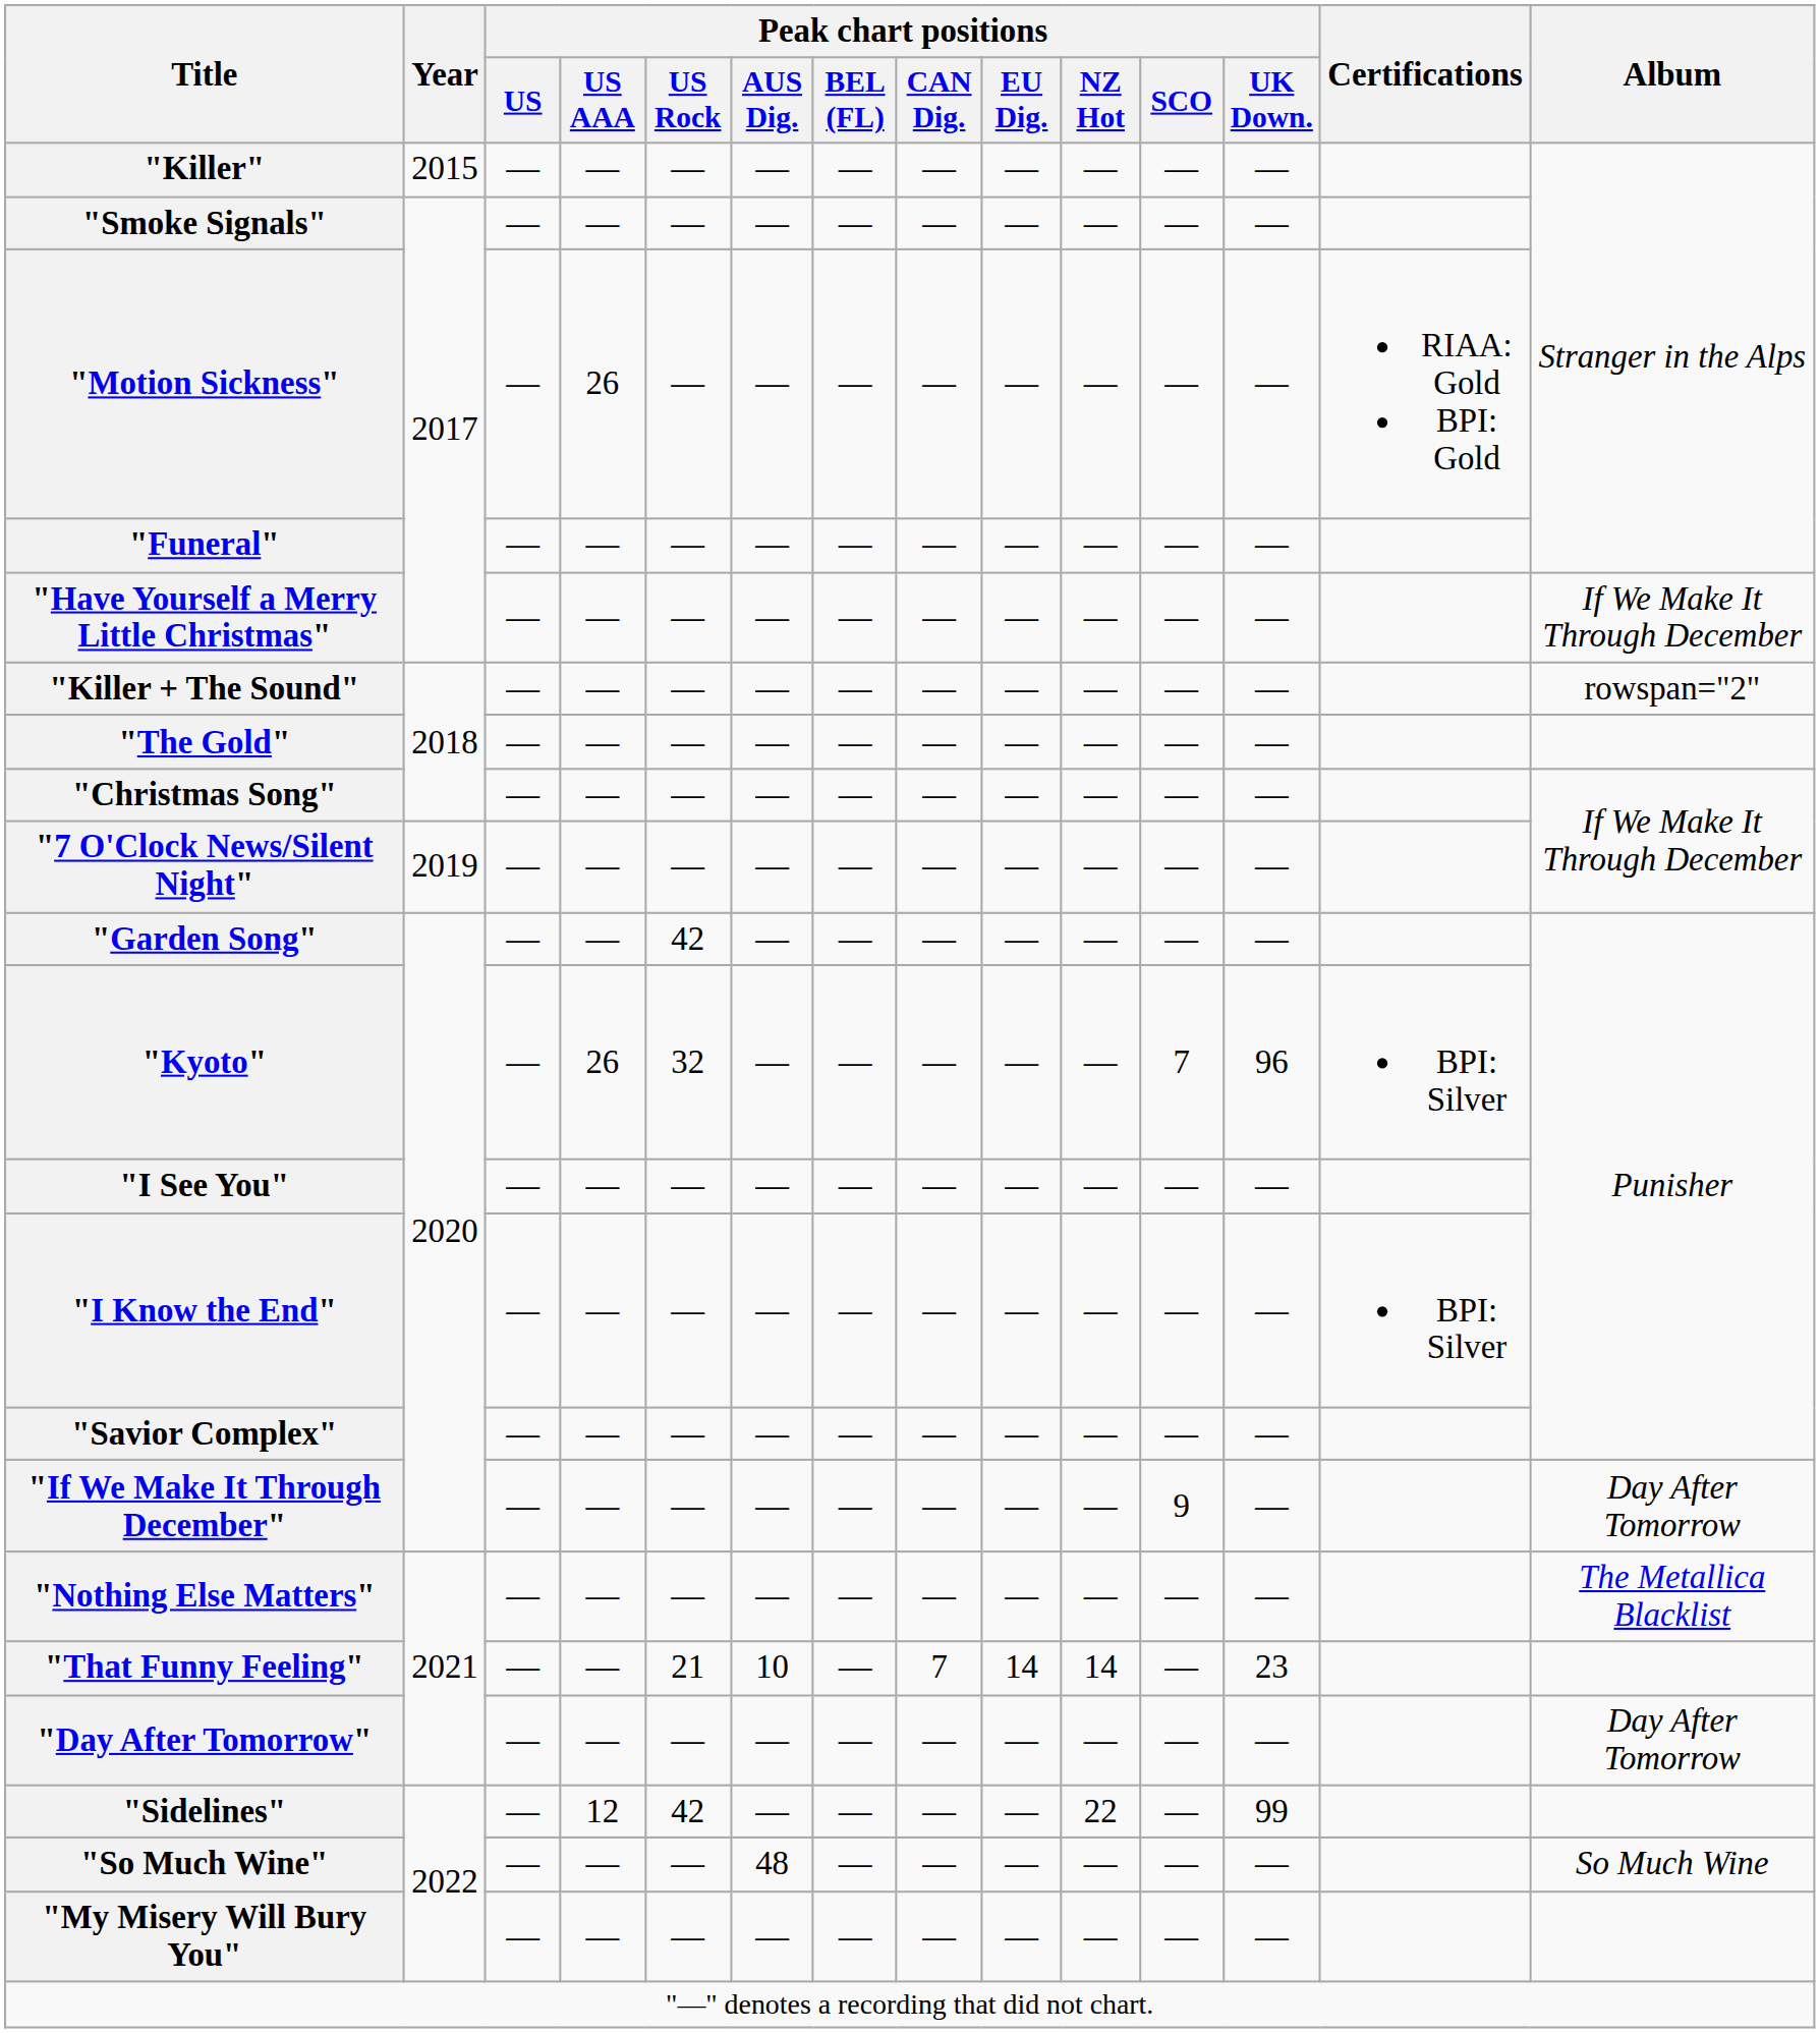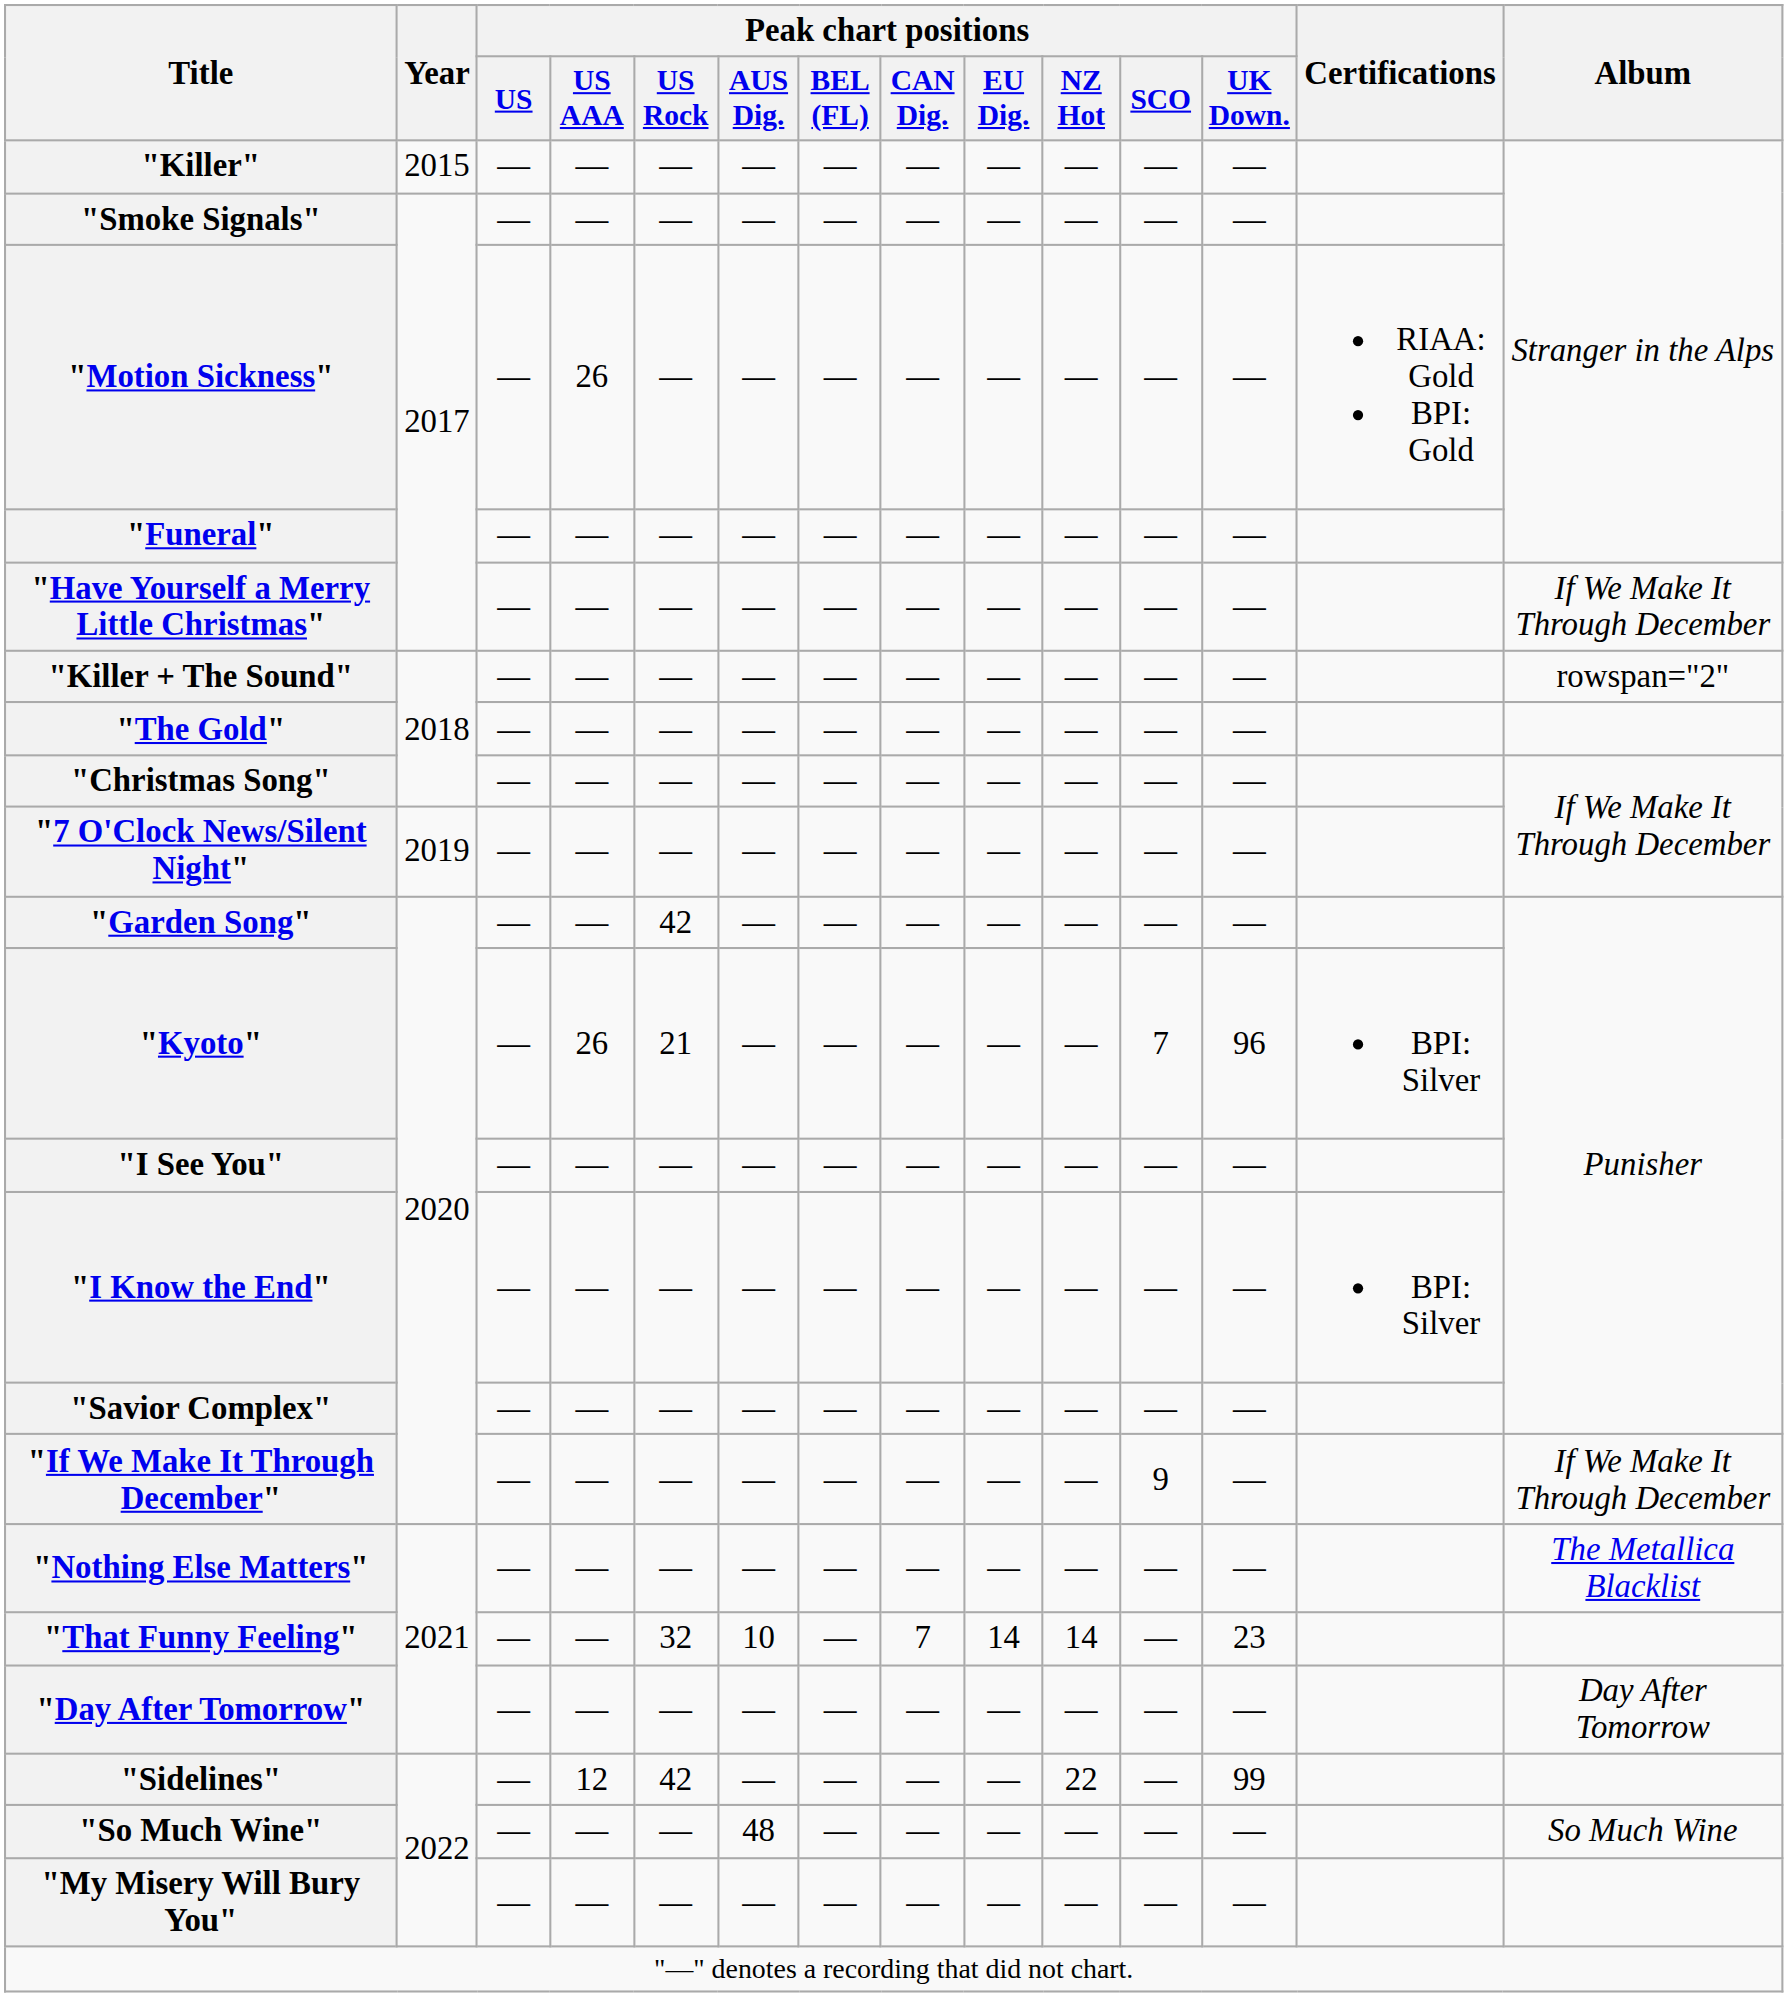 <table class="wikitable plainrowheaders" style="text-align:center;">
 <tr>
 <th scope="col" rowspan="2" style="width:16em;">Title</th>
 <th scope="col" rowspan="2" style="width:1em;">Year</th>
 <th scope="col" colspan="10">Peak chart positions</th>
 <th scope="col" rowspan="2">Certifications</th>
 <th scope="col" rowspan="2" style="width:10em;">Album</th>
 </tr>
 <tr>
 <th scope="col" style="width:2.5em;font-size:90%;"><a href='#'>US</a><br></th>
 <th scope="col" style="width:2.5em;font-size:90%;"><a href='#'>US<br>AAA</a><br></th>
 <th scope="col" style="width:2.5em;font-size:90%;"><a href='#'>US<br>Rock</a><br></th>
 <th scope="col" style="width:2.5em;font-size:90%;"><a href='#'>AUS<br>Dig.</a><br></th>
 <th scope="col" style="width:2.5em;font-size:90%;"><a href='#'>BEL<br>(FL)</a><br></th>
 <th scope="col" style="width:2.5em;font-size:90%;"><a href='#'>CAN<br>Dig.</a><br></th>
 <th scope="col" style="width:2.5em;font-size:90%;"><a href='#'>EU Dig.</a><br></th>
 <th scope="col" style="width:2.5em;font-size:90%;"><a href='#'>NZ<br>Hot</a><br></th>
 <th scope="col" style="width:2.5em;font-size:90%;"><a href='#'>SCO</a><br></th>
 <th scope="col" style="width:2.5em;font-size:90%;"><a href='#'>UK<br>Down.</a><br></th>
 </tr>
 <tr>
 <th scope="row">"Killer"</th>
 <td>2015</td>
 <td>—</td>
 <td>—</td>
 <td>—</td>
 <td>—</td>
 <td>—</td>
 <td>—</td>
 <td>—</td>
 <td>—</td>
 <td>—</td>
 <td>—</td>
 <td></td>
 <td rowspan="4"><em>Stranger in the Alps</em></td>
 </tr>
 <tr>
 <th scope="row">"Smoke Signals"</th>
 <td rowspan="4">2017</td>
 <td>—</td>
 <td>—</td>
 <td>—</td>
 <td>—</td>
 <td>—</td>
 <td>—</td>
 <td>—</td>
 <td>—</td>
 <td>—</td>
 <td>—</td>
 <td></td>
 </tr>
 <tr>
 <th scope="row">"<a href='#'>Motion Sickness</a>"</th>
 <td>—</td>
 <td>26</td>
 <td>—</td>
 <td>—</td>
 <td>—</td>
 <td>—</td>
 <td>—</td>
 <td>—</td>
 <td>—</td>
 <td>—</td>
 <td><br><ul><li>RIAA: Gold</li><li>BPI: Gold</li></ul></td>
 </tr>
 <tr>
 <th scope="row">"<a href='#'>Funeral</a>"</th>
 <td>—</td>
 <td>—</td>
 <td>—</td>
 <td>—</td>
 <td>—</td>
 <td>—</td>
 <td>—</td>
 <td>—</td>
 <td>—</td>
 <td>—</td>
 <td></td>
 </tr>
 <tr>
 <th scope="row">"<a href='#'>Have Yourself a Merry Little Christmas</a>"</th>
 <td>—</td>
 <td>—</td>
 <td>—</td>
 <td>—</td>
 <td>—</td>
 <td>—</td>
 <td>—</td>
 <td>—</td>
 <td>—</td>
 <td>—</td>
 <td></td>
 <td><em>If We Make It Through December</em></td>
 </tr>
 <tr>
 <th scope="row">"Killer + The Sound"<br></th>
 <td rowspan="3">2018</td>
 <td>—</td>
 <td>—</td>
 <td>—</td>
 <td>—</td>
 <td>—</td>
 <td>—</td>
 <td>—</td>
 <td>—</td>
 <td>—</td>
 <td>—</td>
 <td></td>
 <td>rowspan="2" </td>
 </tr>
 <tr>
 <th scope="row">"<a href='#'>The Gold</a>"<br></th>
 <td>—</td>
 <td>—</td>
 <td>—</td>
 <td>—</td>
 <td>—</td>
 <td>—</td>
 <td>—</td>
 <td>—</td>
 <td>—</td>
 <td>—</td>
 <td></td>
 </tr>
 <tr>
 <th scope="row">"Christmas Song"</th>
 <td>—</td>
 <td>—</td>
 <td>—</td>
 <td>—</td>
 <td>—</td>
 <td>—</td>
 <td>—</td>
 <td>—</td>
 <td>—</td>
 <td>—</td>
 <td></td>
 <td rowspan="2"><em>If We Make It Through December</em></td>
 </tr>
 <tr>
 <th scope="row">"<a href='#'>7 O'Clock News/Silent Night</a>"<br></th>
 <td>2019</td>
 <td>—</td>
 <td>—</td>
 <td>—</td>
 <td>—</td>
 <td>—</td>
 <td>—</td>
 <td>—</td>
 <td>—</td>
 <td>—</td>
 <td>—</td>
 <td></td>
 </tr>
 <tr>
 <th scope="row">"<a href='#'>Garden Song</a>"</th>
 <td rowspan="6">2020</td>
 <td>—</td>
 <td>—</td>
 <td>42</td>
 <td>—</td>
 <td>—</td>
 <td>—</td>
 <td>—</td>
 <td>—</td>
 <td>—</td>
 <td>—</td>
 <td></td>
 <td rowspan="5"><em>Punisher</em></td>
 </tr>
 <tr>
 <th scope="row">"<a href='#'>Kyoto</a>"</th>
 <td>—</td>
 <td>26</td>
-<td>32</td>
+<td>21</td>
 <td>—</td>
 <td>—</td>
 <td>—</td>
 <td>—</td>
 <td>—</td>
 <td>7</td>
 <td>96</td>
 <td><br><ul><li>BPI: Silver</li></ul></td>
 </tr>
 <tr>
 <th scope="row">"I See You"</th>
 <td>—</td>
 <td>—</td>
 <td>—</td>
 <td>—</td>
 <td>—</td>
 <td>—</td>
 <td>—</td>
 <td>—</td>
 <td>—</td>
 <td>—</td>
 <td></td>
 </tr>
 <tr>
 <th scope="row">"<a href='#'>I Know the End</a>"</th>
 <td>—</td>
 <td>—</td>
 <td>—</td>
 <td>—</td>
 <td>—</td>
 <td>—</td>
 <td>—</td>
 <td>—</td>
 <td>—</td>
 <td>—</td>
 <td><br><ul><li>BPI: Silver</li></ul></td>
 </tr>
 <tr>
 <th scope="row">"Savior Complex"</th>
 <td>—</td>
 <td>—</td>
 <td>—</td>
 <td>—</td>
 <td>—</td>
 <td>—</td>
 <td>—</td>
 <td>—</td>
 <td>—</td>
 <td>—</td>
 <td></td>
 </tr>
 <tr>
 <th scope="row">"<a href='#'>If We Make It Through December</a>"</th>
 <td>—</td>
 <td>—</td>
 <td>—</td>
 <td>—</td>
 <td>—</td>
 <td>—</td>
 <td>—</td>
 <td>—</td>
 <td>9</td>
 <td>—</td>
 <td></td>
-<td><em>Day After Tomorrow</em></td>
+<td><em>If We Make It Through December</em></td>
 </tr>
 <tr>
 <th scope="row">"<a href='#'>Nothing Else Matters</a>"</th>
 <td rowspan="3">2021</td>
 <td>—</td>
 <td>—</td>
 <td>—</td>
 <td>—</td>
 <td>—</td>
 <td>—</td>
 <td>—</td>
 <td>—</td>
 <td>—</td>
 <td>—</td>
 <td></td>
 <td><em><a href='#'>The Metallica Blacklist</a></em></td>
 </tr>
 <tr>
 <th scope="row">"<a href='#'>That Funny Feeling</a>"</th>
 <td>—</td>
 <td>—</td>
-<td>21</td>
+<td>32</td>
 <td>10</td>
 <td>—</td>
 <td>7</td>
 <td>14</td>
 <td>14</td>
 <td>—</td>
 <td>23</td>
 <td></td>
 <td></td>
 </tr>
 <tr>
 <th scope="row">"<a href='#'>Day After Tomorrow</a>"</th>
 <td>—</td>
 <td>—</td>
 <td>—</td>
 <td>—</td>
 <td>—</td>
 <td>—</td>
 <td>—</td>
 <td>—</td>
 <td>—</td>
 <td>—</td>
 <td></td>
 <td><em>Day After Tomorrow</em></td>
 </tr>
 <tr>
 <th scope="row">"Sidelines"</th>
 <td rowspan="3">2022</td>
 <td>—</td>
 <td>12</td>
 <td>42</td>
 <td>—</td>
 <td>—</td>
 <td>—</td>
 <td>—</td>
 <td>22</td>
 <td>—</td>
 <td>99</td>
 <td></td>
 <td></td>
 </tr>
 <tr>
 <th scope="row">"So Much Wine"</th>
 <td>—</td>
 <td>—</td>
 <td>—</td>
 <td>48</td>
 <td>—</td>
 <td>—</td>
 <td>—</td>
 <td>—</td>
 <td>—</td>
 <td>—</td>
 <td></td>
 <td><em>So Much Wine</em></td>
 </tr>
 <tr>
 <th scope="row">"My Misery Will Bury You"<br></th>
 <td>—</td>
 <td>—</td>
 <td>—</td>
 <td>—</td>
 <td>—</td>
 <td>—</td>
 <td>—</td>
 <td>—</td>
 <td>—</td>
 <td>—</td>
 <td></td>
 <td></td>
 </tr>
 <tr>
 <td colspan="14" style="font-size:85%;">"—" denotes a recording that did not chart.</td>
 </tr>
 </table>
